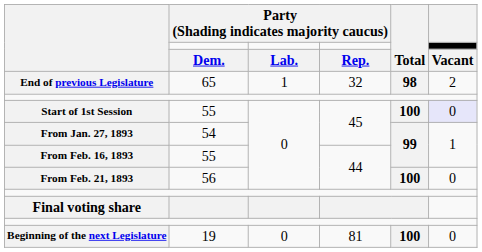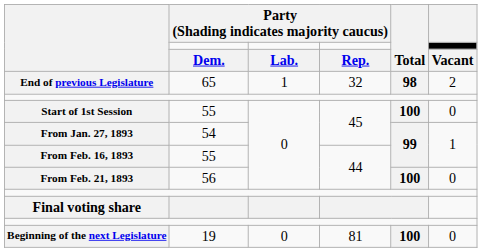 <table class=wikitable style="text-align:center">
 <tr style="vertical-align:bottom;">
 <th rowspan=3></th>
 <th colspan=3>Party <div>(Shading indicates majority caucus)</div></th>
 <th rowspan=3>Total</th>
 <th></th>
 </tr>
 <tr style="height:5px">
 <td style="background-color:"></td>
 <td style="background-color:"></td>
 <td style="background-color:"></td>
 <td style="background:black;"></td>
 </tr>
 <tr>
 <th><a href='#'>Dem.</a></th>
 <th><a href='#'>Lab.</a></th>
 <th><a href='#'>Rep.</a></th>
 <th>Vacant</th>
 </tr>
 <tr>
 <th style="font-size:80%;">End of <a href='#'>previous Legislature</a></th>
 <td>65</td>
 <td>1</td>
 <td>32</td>
 <th>98</th>
 <td>2</td>
 </tr>
 <tr>
 <td colspan=6></td>
 </tr>
 <tr>
 <th style="font-size:80%;">Start of 1st Session</th>
 <td>55</td>
 <td rowspan="4">0</td>
 <td rowspan="2">45</td>
 <th>100</th>
-<td style="background: lavender;">0</td>
+<td>0</td>
 </tr>
 <tr>
 <th style="font-size:80%;">From Jan. 27, 1893</th>
 <td>54</td>
 <th rowspan="2">99</th>
 <td rowspan="2">1</td>
 </tr>
 <tr>
 <th style="font-size:80%;">From Feb. 16, 1893</th>
 <td>55</td>
 <td rowspan="2">44</td>
 </tr>
 <tr>
 <th style="font-size:80%;">From Feb. 21, 1893</th>
 <td>56</td>
 <th>100</th>
 <td>0</td>
 </tr>
 <tr>
 <td colspan=6></td>
 </tr>
 <tr>
 <th>Final voting share</th>
 <th></th>
 <th></th>
 <th colspan=2></th>
 </tr>
 <tr>
 <td colspan=7></td>
 </tr>
 <tr>
 <th style="font-size:80%;">Beginning of the <a href='#'>next Legislature</a></th>
 <td>19</td>
 <td>0</td>
 <td>81</td>
 <th>100</th>
 <td>0</td>
 </tr>
 </table>
